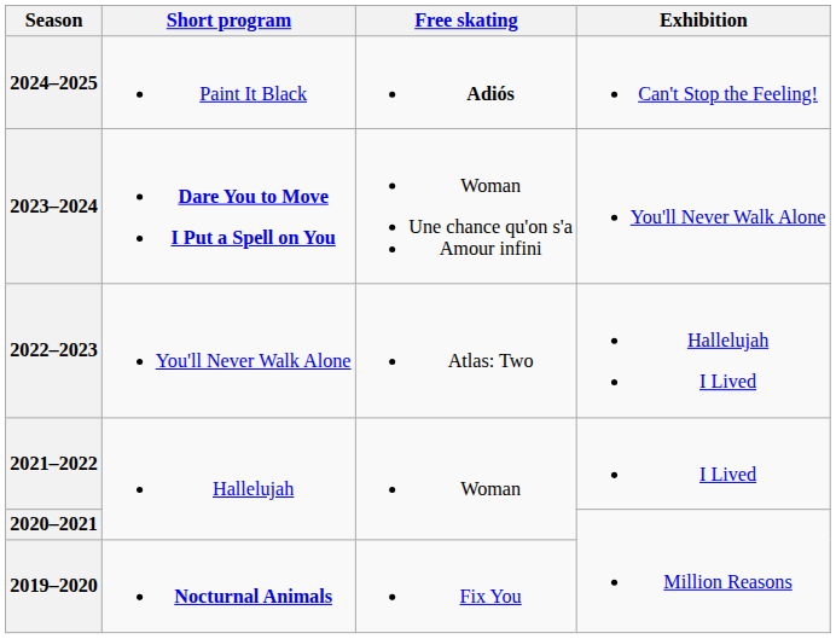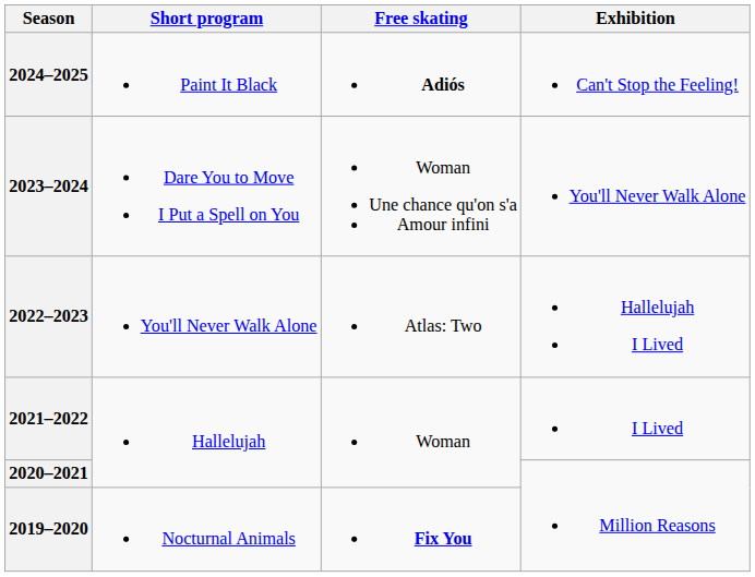 <table class=wikitable style=text-align:center>
 <tr>
 <th>Season</th>
 <th><a href='#'>Short program</a></th>
 <th><a href='#'>Free skating</a></th>
 <th>Exhibition</th>
 </tr>
 <tr>
 <th>2024–2025 <br> </th>
 <td><br><ul><li><a href='#'>Paint It Black</a> <br> </li></ul></td>
 <td><strong><br><ul><li>Adiós <br></li></ul></strong></td>
 <td><br><ul><li><a href='#'>Can't Stop the Feeling!</a> <br> </li></ul></td>
 </tr>
 <tr>
 <th>2023–2024 <br> </th>
-<td><strong><br><ul><li><a href='#'>Dare You to Move</a> <br> </li></ul><ul><li><a href='#'>I Put a Spell on You</a> <br> </li></ul></strong></td>
+<td><br><ul><li><a href='#'>Dare You to Move</a> <br> </li></ul><ul><li><a href='#'>I Put a Spell on You</a> <br> </li></ul></td>
 <td><br><ul><li>Woman <br></li></ul><ul><li>Une chance qu'on s'a <br> </li><li>Amour infini <br> </li></ul></td>
 <td><br><ul><li><a href='#'>You'll Never Walk Alone</a> <br> </li></ul></td>
 </tr>
 <tr>
 <th>2022–2023 <br></th>
 <td><br><ul><li><a href='#'>You'll Never Walk Alone</a> <br> </li></ul></td>
 <td><br><ul><li>Atlas: Two <br> </li></ul></td>
 <td><br><ul><li><a href='#'>Hallelujah</a><br></li></ul><ul><li><a href='#'>I Lived</a></li></ul></td>
 </tr>
 <tr>
 <th>2021–2022 <br></th>
 <td rowspan="2"><br><ul><li><a href='#'>Hallelujah</a><br></li></ul></td>
 <td rowspan="2"><br><ul><li>Woman <br></li></ul></td>
 <td><br><ul><li><a href='#'>I Lived</a> <br></li></ul></td>
 </tr>
 <tr>
 <th>2020–2021 <br> </th>
 <td rowspan=2><br><ul><li><a href='#'>Million Reasons</a> <br></li></ul></td>
 </tr>
 <tr>
 <th>2019–2020 <br> </th>
-<td><strong><br><ul><li><a href='#'>Nocturnal Animals</a> <br></li></ul></strong></td>
-<td><br><ul><li><a href='#'>Fix You</a> <br></li></ul></td>
+<td><br><ul><li><a href='#'>Nocturnal Animals</a> <br></li></ul></td>
+<td><strong><br><ul><li><a href='#'>Fix You</a> <br></li></ul></strong></td>
 </tr>
 </table>
